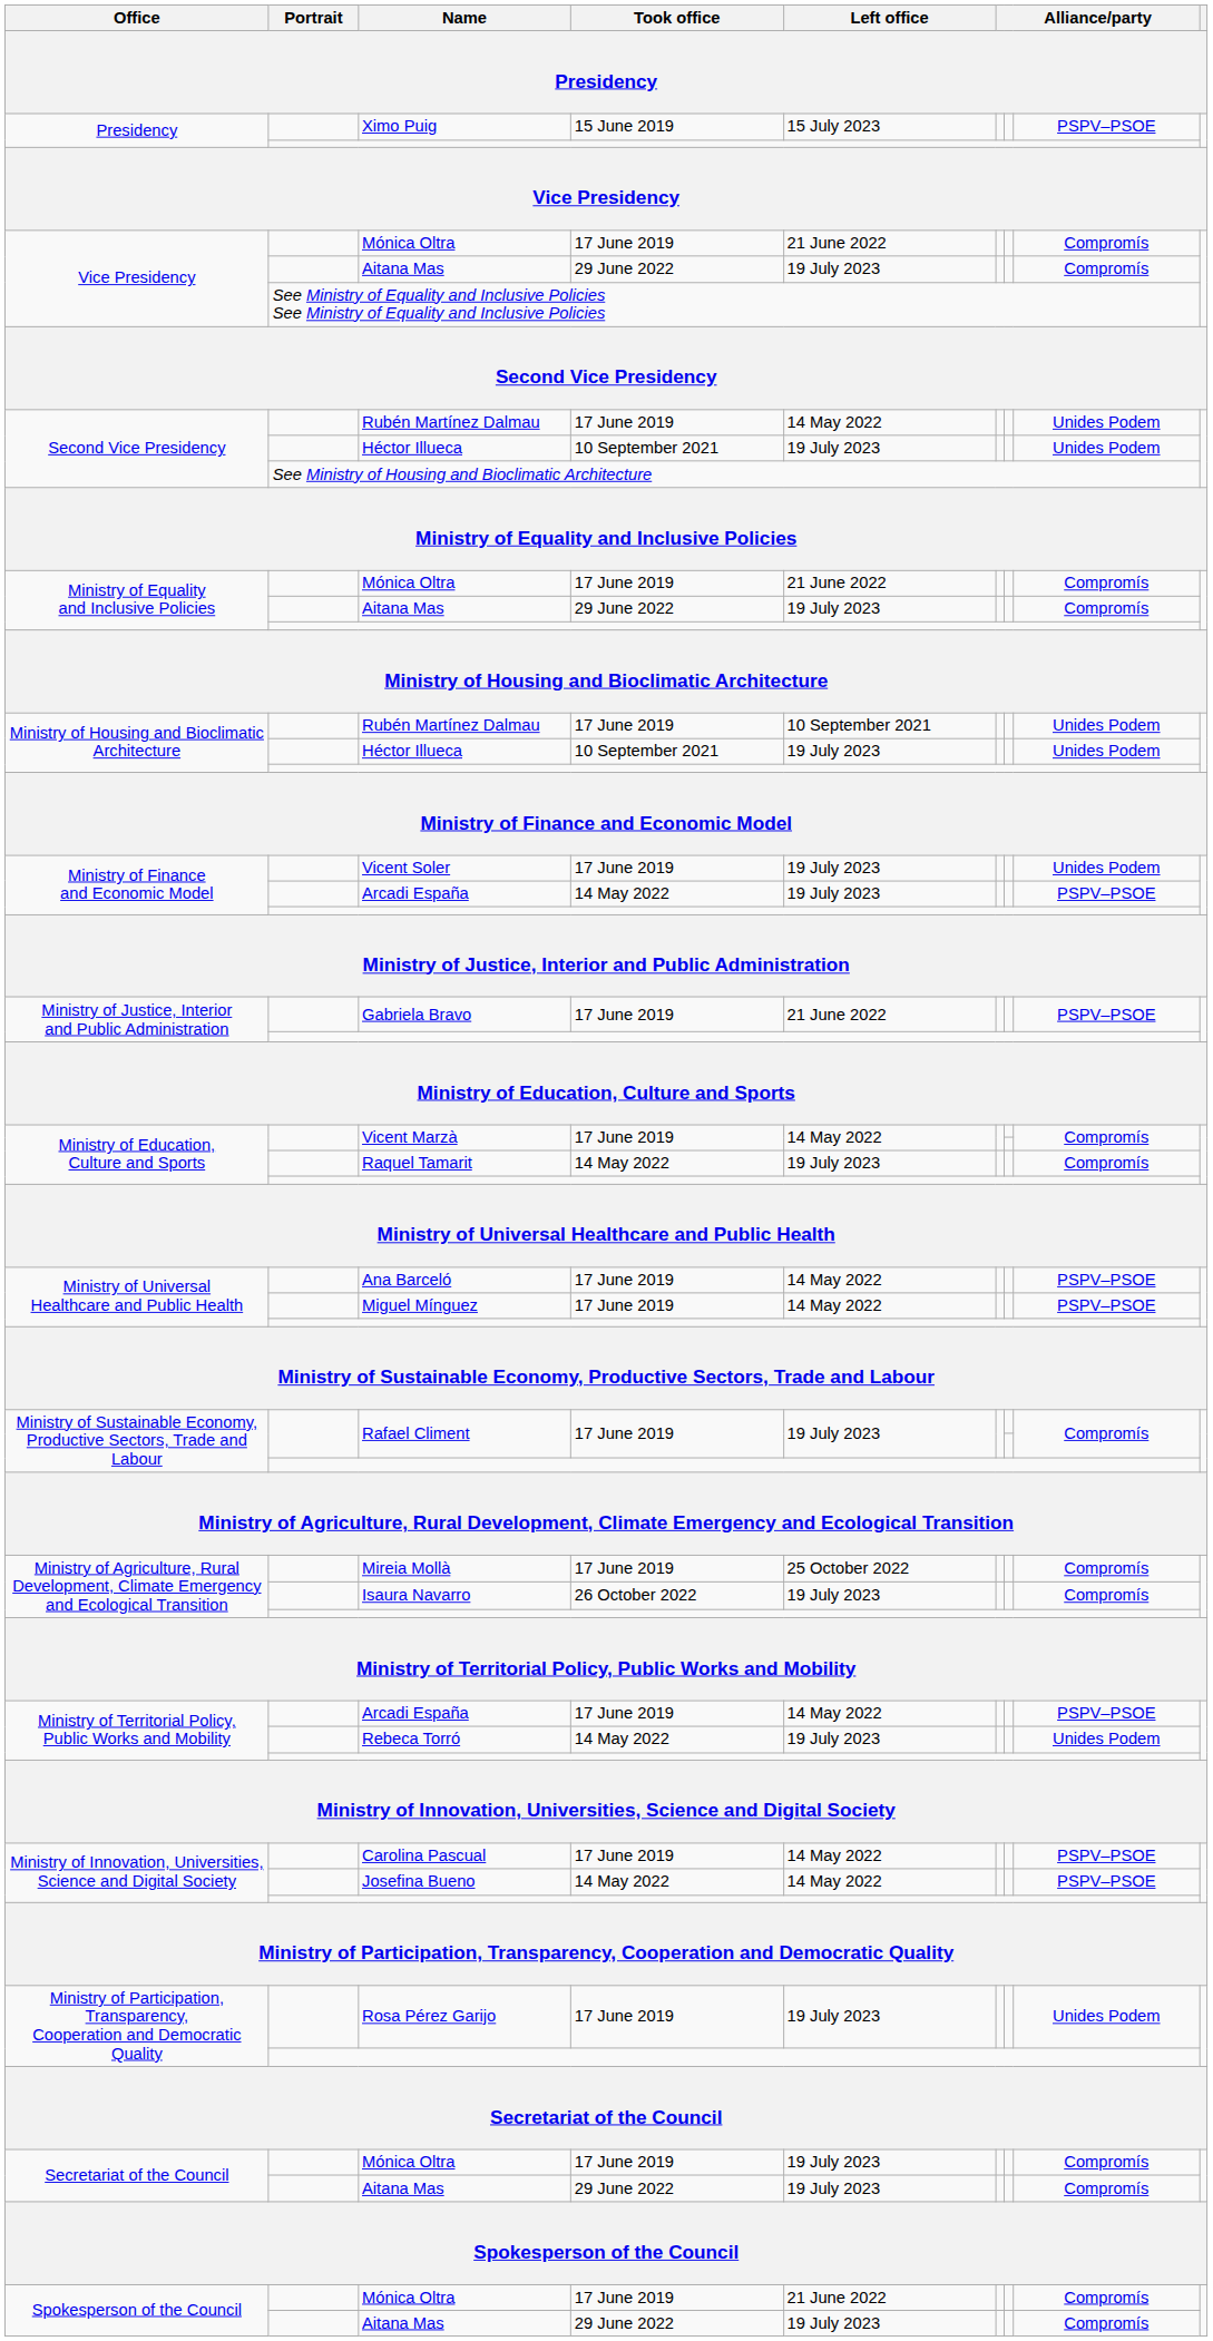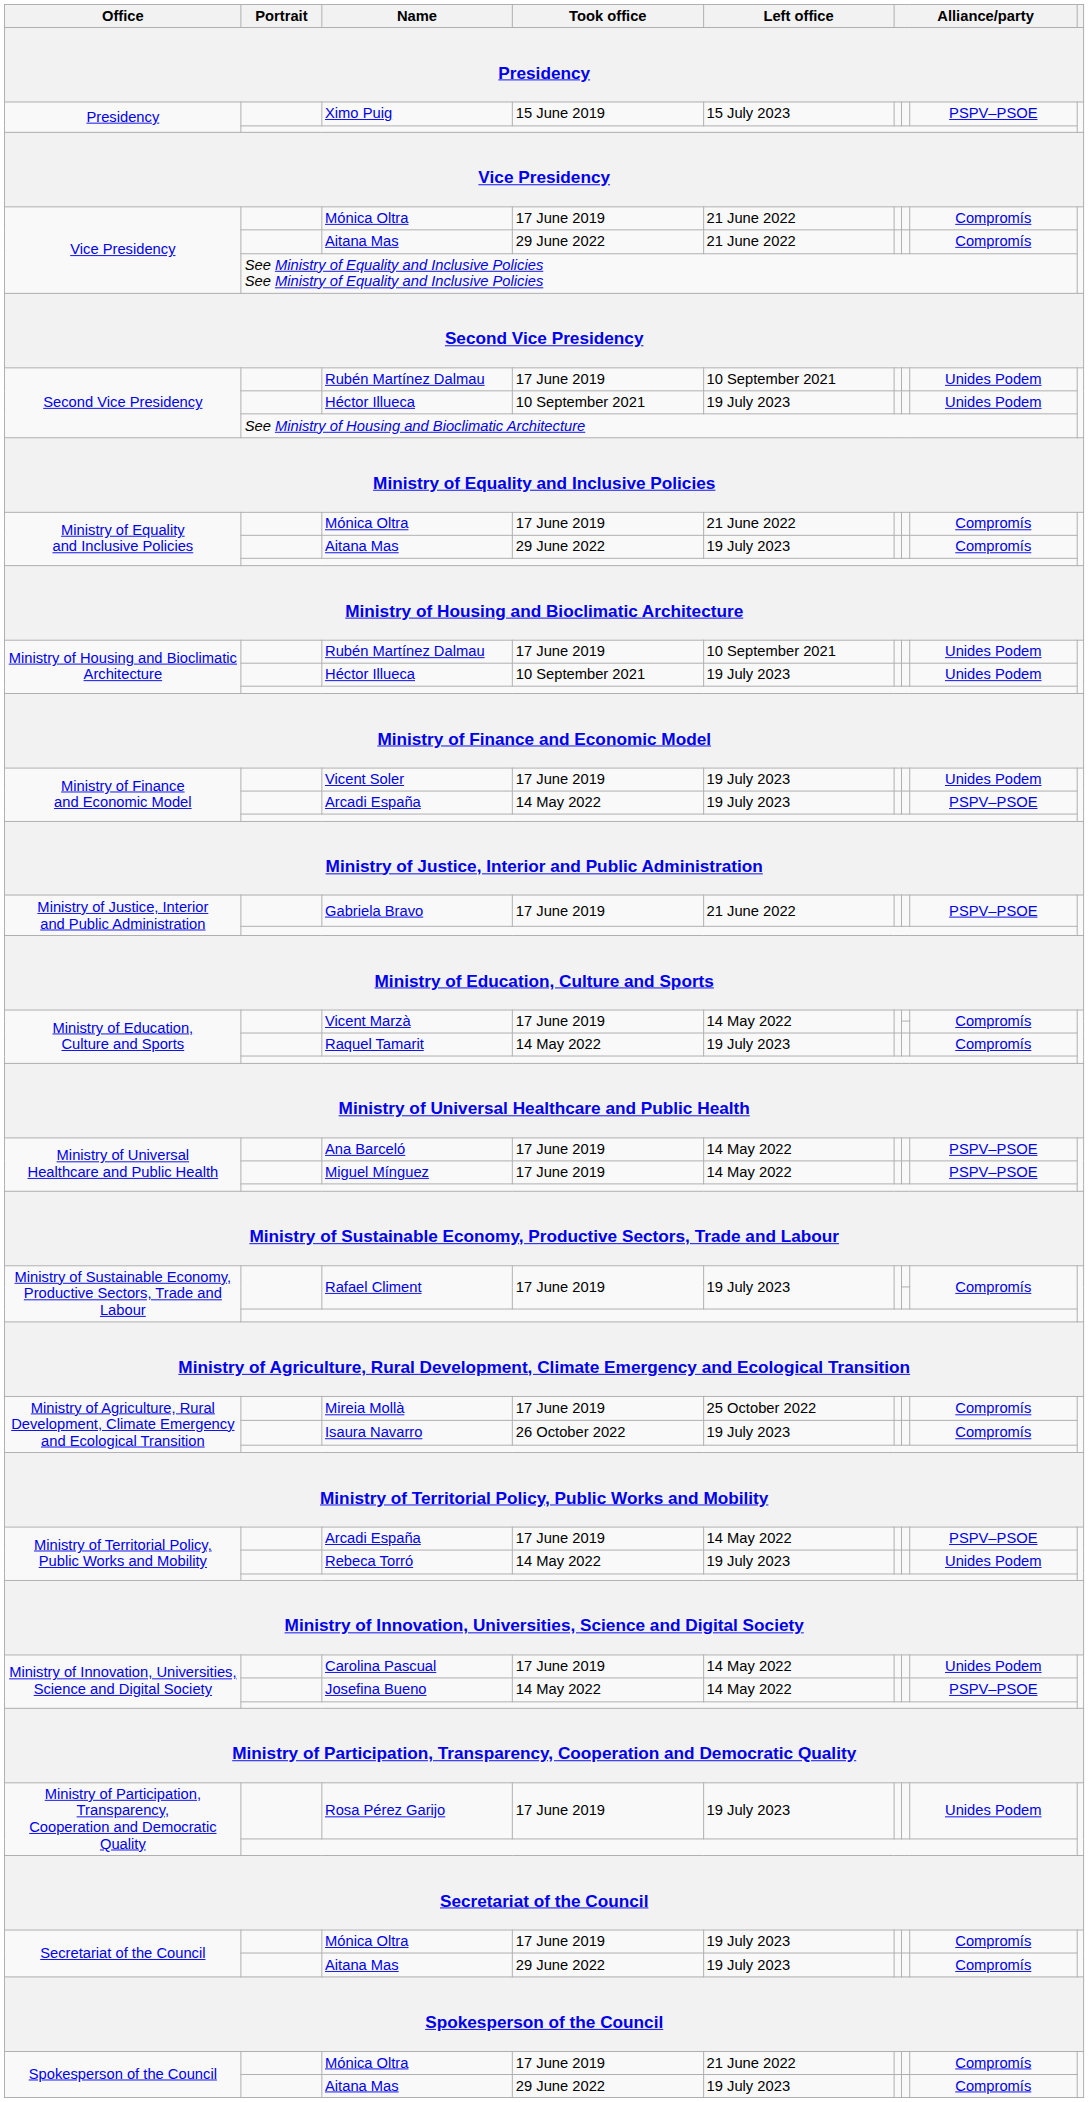 <table class="wikitable" style="line-height:18px;">
 <tr>
 <th scope="col">Office<br></th>
 <th scope="col">Portrait</th>
 <th scope="col">Name</th>
 <th scope="col">Took office</th>
 <th scope="col">Left office</th>
 <th colspan="3" scope="col">Alliance/party</th>
 <th></th>
 </tr>
 <tr>
 <th colspan="9"><br><h3><a href='#'>Presidency</a></h3></th>
 </tr>
 <tr>
 <td align="center" rowspan="2" width="250"><a href='#'>Presidency</a><br></td>
 <td width="80"></td>
 <td width="200"><a href='#'>Ximo Puig</a></td>
 <td width="200">15 June 2019</td>
 <td width="200">15 July 2023</td>
 <td width="1" style="background-color:"></td>
 <td width="1" style="background-color:"></td>
 <td width="175" align="center"><a href='#'>PSPV–PSOE</a></td>
 <td align="center" rowspan="2"></td>
 </tr>
 <tr>
 <td colspan="7"></td>
 </tr>
 <tr>
 <th colspan="9"><br><h3><a href='#'>Vice Presidency</a></h3></th>
 </tr>
 <tr>
 <td align="center" rowspan="3"><a href='#'>Vice Presidency</a><br></td>
 <td></td>
 <td><a href='#'>Mónica Oltra</a></td>
 <td>17 June 2019</td>
 <td>21 June 2022<br></td>
 <td style="background-color:"></td>
 <td style="background-color:"></td>
 <td align="center"><a href='#'>Compromís</a><br></td>
 <td align="center" rowspan="3"></td>
 </tr>
 <tr>
 <td></td>
 <td><a href='#'>Aitana Mas</a></td>
 <td>29 June 2022</td>
-<td>19 July 2023</td>
+<td>21 June 2022<br></td>
 <td style="background-color:"></td>
 <td style="background-color:"></td>
 <td align="center"><a href='#'>Compromís</a><br></td>
 </tr>
 <tr>
 <td colspan="7"><em>See <a href='#'>Ministry of Equality and Inclusive Policies</a></em><br><em>See <a href='#'>Ministry of Equality and Inclusive Policies</a></em></td>
 </tr>
 <tr>
 <th colspan="9"><br><h3><a href='#'>Second Vice Presidency</a></h3></th>
 </tr>
 <tr>
 <td align="center" rowspan="3"><a href='#'>Second Vice Presidency</a><br></td>
 <td></td>
 <td><a href='#'>Rubén Martínez Dalmau</a></td>
 <td>17 June 2019</td>
-<td>14 May 2022</td>
+<td>10 September 2021</td>
 <td style="background-color:"></td>
 <td style="background-color:"></td>
 <td align="center"><a href='#'>Unides Podem</a><br></td>
 <td align="center" rowspan="3"></td>
 </tr>
 <tr>
 <td></td>
 <td><a href='#'>Héctor Illueca</a></td>
 <td>10 September 2021</td>
 <td>19 July 2023</td>
 <td style="background-color:"></td>
 <td style="background-color:"></td>
 <td align="center"><a href='#'>Unides Podem</a><br></td>
 </tr>
 <tr>
 <td colspan="7"><em>See <a href='#'>Ministry of Housing and Bioclimatic Architecture</a></em></td>
 </tr>
 <tr>
 <th colspan="9"><br><h3><a href='#'>Ministry of Equality and Inclusive Policies</a></h3></th>
 </tr>
 <tr>
 <td align="center" rowspan="3"><a href='#'>Ministry of Equality<br>and Inclusive Policies</a><br></td>
 <td></td>
 <td><a href='#'>Mónica Oltra</a></td>
 <td>17 June 2019</td>
 <td>21 June 2022<br></td>
 <td style="background-color:"></td>
 <td style="background-color:"></td>
 <td align="center"><a href='#'>Compromís</a><br></td>
 <td align="center" rowspan="3"></td>
 </tr>
 <tr>
 <td></td>
 <td><a href='#'>Aitana Mas</a></td>
 <td>29 June 2022</td>
 <td>19 July 2023</td>
 <td style="background-color:"></td>
 <td style="background-color:"></td>
 <td align="center"><a href='#'>Compromís</a><br></td>
 </tr>
 <tr>
 <td colspan="7"></td>
 </tr>
 <tr>
 <th colspan="9"><br><h3><a href='#'>Ministry of Housing and Bioclimatic Architecture</a></h3></th>
 </tr>
 <tr>
 <td align="center" rowspan="3"><a href='#'>Ministry of Housing and Bioclimatic<br>Architecture</a><br></td>
 <td></td>
 <td><a href='#'>Rubén Martínez Dalmau</a></td>
 <td>17 June 2019</td>
 <td>10 September 2021</td>
 <td style="background-color:"></td>
 <td style="background-color:"></td>
 <td align="center"><a href='#'>Unides Podem</a><br></td>
 <td align="center" rowspan="3"></td>
 </tr>
 <tr>
 <td></td>
 <td><a href='#'>Héctor Illueca</a></td>
 <td>10 September 2021</td>
 <td>19 July 2023</td>
 <td style="background-color:"></td>
 <td style="background-color:"></td>
 <td align="center"><a href='#'>Unides Podem</a><br></td>
 </tr>
 <tr>
 <td colspan="7"></td>
 </tr>
 <tr>
 <th colspan="9"><br><h3><a href='#'>Ministry of Finance and Economic Model</a></h3></th>
 </tr>
 <tr>
 <td align="center" rowspan="3"><a href='#'>Ministry of Finance<br>and Economic Model</a><br></td>
 <td></td>
 <td><a href='#'>Vicent Soler</a></td>
 <td>17 June 2019</td>
 <td>19 July 2023</td>
 <td style="background-color:"></td>
 <td style="background-color:"></td>
 <td align="center"><a href='#'>Unides Podem</a><br></td>
 <td align="center" rowspan="3"></td>
 </tr>
 <tr>
 <td></td>
 <td><a href='#'>Arcadi España</a></td>
 <td>14 May 2022</td>
 <td>19 July 2023</td>
 <td style="background-color:"></td>
 <td style="background-color:"></td>
 <td align="center"><a href='#'>PSPV–PSOE</a></td>
 </tr>
 <tr>
 <td colspan="7"></td>
 </tr>
 <tr>
 <th colspan="9"><br><h3><a href='#'>Ministry of Justice, Interior and Public Administration</a></h3></th>
 </tr>
 <tr>
 <td align="center" rowspan="2"><a href='#'>Ministry of Justice, Interior<br>and Public Administration</a><br></td>
 <td></td>
 <td><a href='#'>Gabriela Bravo</a></td>
 <td>17 June 2019</td>
 <td>21 June 2022<br></td>
 <td style="background-color:"></td>
 <td style="background-color:"></td>
 <td align="center"><a href='#'>PSPV–PSOE</a><br></td>
 <td align="center" rowspan="2"></td>
 </tr>
 <tr>
 <td colspan="7"></td>
 </tr>
 <tr>
 <th colspan="9"><br><h3><a href='#'>Ministry of Education, Culture and Sports</a></h3></th>
 </tr>
 <tr>
 <td align="center" rowspan="4"><a href='#'>Ministry of Education,<br>Culture and Sports</a><br></td>
 <td rowspan="2"></td>
 <td rowspan="2"><a href='#'>Vicent Marzà</a></td>
 <td rowspan="2">17 June 2019</td>
 <td rowspan="2">14 May 2022</td>
 <td rowspan="2" style="background-color:"></td>
 <td style="background-color:"></td>
 <td align="center" rowspan="2"><a href='#'>Compromís</a><br></td>
 <td align="center" rowspan="4"></td>
 </tr>
 <tr>
 <td style="background-color:"></td>
 </tr>
 <tr>
 <td></td>
 <td><a href='#'>Raquel Tamarit</a></td>
 <td>14 May 2022</td>
 <td>19 July 2023</td>
 <td style="background-color:"></td>
 <td style="background-color:"></td>
 <td align="center"><a href='#'>Compromís</a><br></td>
 </tr>
 <tr>
 <td colspan="7"></td>
 </tr>
 <tr>
 <th colspan="9"><br><h3><a href='#'>Ministry of Universal Healthcare and Public Health</a></h3></th>
 </tr>
 <tr>
 <td align="center" rowspan="3"><a href='#'>Ministry of Universal<br>Healthcare and Public Health</a><br></td>
 <td></td>
 <td><a href='#'>Ana Barceló</a></td>
 <td>17 June 2019</td>
 <td>14 May 2022</td>
 <td style="background-color:"></td>
 <td style="background-color:"></td>
 <td align="center"><a href='#'>PSPV–PSOE</a></td>
 <td align="center" rowspan="3"></td>
 </tr>
 <tr>
 <td></td>
 <td><a href='#'>Miguel Mínguez</a></td>
 <td>17 June 2019</td>
 <td>14 May 2022</td>
 <td style="background-color:"></td>
 <td style="background-color:"></td>
 <td align="center"><a href='#'>PSPV–PSOE</a><br></td>
 </tr>
 <tr>
 <td colspan="7"></td>
 </tr>
 <tr>
 <th colspan="9"><br><h3><a href='#'>Ministry of Sustainable Economy, Productive Sectors, Trade and Labour</a></h3></th>
 </tr>
 <tr>
 <td align="center" rowspan="3"><a href='#'>Ministry of Sustainable Economy,<br>Productive Sectors, Trade and Labour</a><br></td>
 <td rowspan="2"></td>
 <td rowspan="2"><a href='#'>Rafael Climent</a></td>
 <td rowspan="2">17 June 2019</td>
 <td rowspan="2">19 July 2023</td>
 <td rowspan="2" style="background-color:"></td>
 <td style="background-color:"></td>
 <td align="center" rowspan="2"><a href='#'>Compromís</a><br></td>
 <td align="center" rowspan="3"></td>
 </tr>
 <tr>
 <td style="background-color:"></td>
 </tr>
 <tr>
 <td colspan="7"></td>
 </tr>
 <tr>
 <th colspan="9"><br><h3><a href='#'>Ministry of Agriculture, Rural Development, Climate Emergency and Ecological Transition</a></h3></th>
 </tr>
 <tr>
 <td align="center" rowspan="3"><a href='#'>Ministry of Agriculture, Rural<br>Development, Climate Emergency<br>and Ecological Transition</a><br></td>
 <td></td>
 <td><a href='#'>Mireia Mollà</a></td>
 <td>17 June 2019</td>
 <td>25 October 2022</td>
 <td style="background-color:"></td>
 <td style="background-color:"></td>
 <td align="center"><a href='#'>Compromís</a><br></td>
 <td align="center" rowspan="3"></td>
 </tr>
 <tr>
 <td></td>
 <td><a href='#'>Isaura Navarro</a></td>
 <td>26 October 2022</td>
 <td>19 July 2023</td>
 <td style="background-color:"></td>
 <td style="background-color:"></td>
 <td align="center"><a href='#'>Compromís</a><br></td>
 </tr>
 <tr>
 <td colspan="7"></td>
 </tr>
 <tr>
 <th colspan="9"><br><h3><a href='#'>Ministry of Territorial Policy, Public Works and Mobility</a></h3></th>
 </tr>
 <tr>
 <td align="center" rowspan="3"><a href='#'>Ministry of Territorial Policy,<br>Public Works and Mobility</a><br></td>
 <td></td>
 <td><a href='#'>Arcadi España</a></td>
 <td>17 June 2019</td>
 <td>14 May 2022</td>
 <td style="background-color:"></td>
 <td style="background-color:"></td>
 <td align="center"><a href='#'>PSPV–PSOE</a></td>
 <td align="center" rowspan="3"></td>
 </tr>
 <tr>
 <td></td>
 <td><a href='#'>Rebeca Torró</a></td>
 <td>14 May 2022</td>
 <td>19 July 2023</td>
 <td style="background-color:"></td>
 <td style="background-color:"></td>
 <td align="center"><a href='#'>Unides Podem</a><br></td>
 </tr>
 <tr>
 <td colspan="7"></td>
 </tr>
 <tr>
 <th colspan="9"><br><h3><a href='#'>Ministry of Innovation, Universities, Science and Digital Society</a></h3></th>
 </tr>
 <tr>
 <td align="center" rowspan="3"><a href='#'>Ministry of Innovation, Universities,<br>Science and Digital Society</a><br></td>
 <td></td>
 <td><a href='#'>Carolina Pascual</a></td>
 <td>17 June 2019</td>
 <td>14 May 2022</td>
 <td style="background-color:"></td>
 <td style="background-color:"></td>
-<td align="center"><a href='#'>PSPV–PSOE</a><br></td>
+<td align="center"><a href='#'>Unides Podem</a><br></td>
 <td align="center" rowspan="3"></td>
 </tr>
 <tr>
 <td></td>
 <td><a href='#'>Josefina Bueno</a></td>
 <td>14 May 2022</td>
 <td>14 May 2022</td>
 <td style="background-color:"></td>
 <td style="background-color:"></td>
 <td align="center"><a href='#'>PSPV–PSOE</a></td>
 </tr>
 <tr>
 <td colspan="7"></td>
 </tr>
 <tr>
 <th colspan="9"><br><h3><a href='#'>Ministry of Participation, Transparency, Cooperation and Democratic Quality</a></h3></th>
 </tr>
 <tr>
 <td align="center" rowspan="2"><a href='#'>Ministry of Participation, Transparency,<br>Cooperation and Democratic Quality</a><br></td>
 <td></td>
 <td><a href='#'>Rosa Pérez Garijo</a></td>
 <td>17 June 2019</td>
 <td>19 July 2023</td>
 <td style="background-color:"></td>
 <td style="background-color:"></td>
 <td align="center"><a href='#'>Unides Podem</a><br></td>
 <td align="center" rowspan="2"></td>
 </tr>
 <tr>
 <td colspan="7"></td>
 </tr>
 <tr>
 <th colspan="9"><br><h3><a href='#'>Secretariat of the Council</a></h3></th>
 </tr>
 <tr>
 <td align="center" rowspan="2"><a href='#'>Secretariat of the Council</a><br></td>
 <td></td>
 <td><a href='#'>Mónica Oltra</a></td>
 <td>17 June 2019</td>
 <td>19 July 2023</td>
 <td style="background-color:"></td>
 <td style="background-color:"></td>
 <td align="center"><a href='#'>Compromís</a><br></td>
 <td align="center" rowspan="2"></td>
 </tr>
 <tr>
 <td></td>
 <td><a href='#'>Aitana Mas</a></td>
 <td>29 June 2022</td>
 <td>19 July 2023</td>
 <td style="background-color:"></td>
 <td style="background-color:"></td>
 <td align="center"><a href='#'>Compromís</a><br></td>
 </tr>
 <tr>
 <th colspan="9"><br><h3><a href='#'>Spokesperson of the Council</a></h3></th>
 </tr>
 <tr>
 <td align="center" rowspan="2"><a href='#'>Spokesperson of the Council</a><br></td>
 <td></td>
 <td><a href='#'>Mónica Oltra</a></td>
 <td>17 June 2019</td>
 <td>21 June 2022<br></td>
 <td style="background-color:"></td>
 <td style="background-color:"></td>
 <td align="center"><a href='#'>Compromís</a><br></td>
 <td align="center" rowspan="2"></td>
 </tr>
 <tr>
 <td></td>
 <td><a href='#'>Aitana Mas</a></td>
 <td>29 June 2022</td>
 <td>19 July 2023</td>
 <td style="background-color:"></td>
 <td style="background-color:"></td>
 <td align="center"><a href='#'>Compromís</a><br></td>
 </tr>
 </table>
